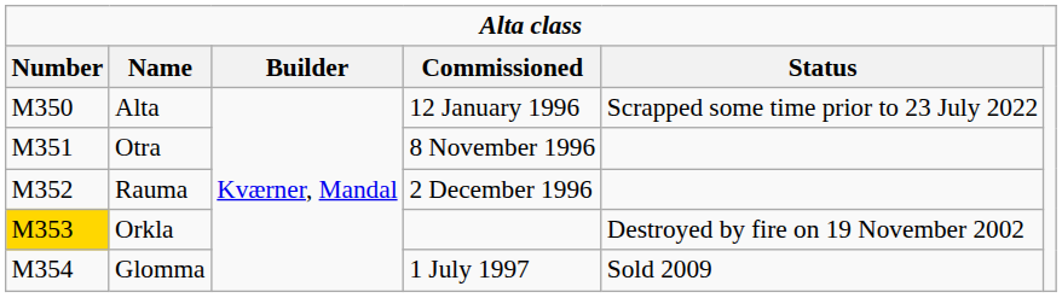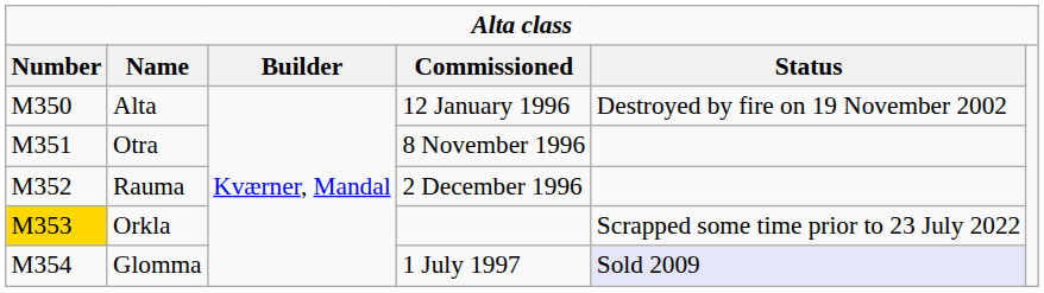 <table class="wikitable">
 <tr>
 <td colspan=6 align=center><strong><em>Alta<em> class<strong></td>
 </tr>
 <tr>
 <th>Number</th>
 <th>Name</th>
 <th>Builder</th>
 <th>Commissioned</th>
 <th>Status</th>
 <td rowspan=6></td>
 </tr>
 <tr>
 <td>M350</td>
 <td></em>Alta<em></td>
 <td rowspan=5><a href='#'>Kværner</a>, <a href='#'>Mandal</a></td>
 <td>12 January 1996</td>
-<td>Scrapped some time prior to 23 July 2022</td>
+<td>Destroyed by fire on 19 November 2002</td>
 </tr>
 <tr>
 <td>M351</td>
 <td></em>Otra<em></td>
 <td>8 November 1996</td>
 <td></td>
 </tr>
 <tr>
 <td>M352</td>
 <td></em>Rauma<em></td>
 <td>2 December 1996</td>
 <td></td>
 </tr>
 <tr>
 <td style="background: gold;">M353</td>
 <td></em>Orkla<em></td>
 <td></td>
-<td>Destroyed by fire on 19 November 2002</td>
+<td>Scrapped some time prior to 23 July 2022</td>
 </tr>
 <tr>
 <td>M354</td>
 <td></em>Glomma<em></td>
 <td>1 July 1997</td>
-<td>Sold 2009</td>
+<td style="background: lavender;">Sold 2009</td>
 </tr>
 </table>
